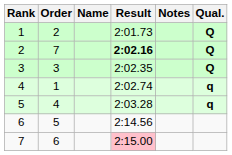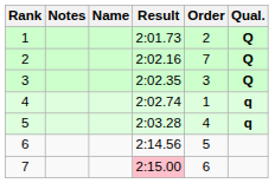 <table class="wikitable sortable" style="text-align:center">
 <tr>
 <th>Rank</th>
-<th>Order</th>
+<th>Notes</th>
 <th>Name</th>
 <th>Result</th>
-<th>Notes</th>
+<th>Order</th>
 <th>Qual.</th>
 </tr>
 <tr style="background:#cfc;">
 <td>1</td>
-<td>2</td>
+<td></td>
 <td align="left"></td>
 <td>2:01.73</td>
-<td></td>
+<td>2</td>
 <td><strong>Q</strong></td>
 </tr>
 <tr style="background:#cfc;">
 <td>2</td>
+<td></td>
+<td align="left"></td>
+<td>2:02.16</td>
 <td>7</td>
-<td align="left"></td>
-<td><strong>2:02.16</strong></td>
-<td></td>
 <td><strong>Q</strong></td>
 </tr>
 <tr style="background:#cfc;">
 <td>3</td>
-<td>3</td>
+<td></td>
 <td align="left"></td>
 <td>2:02.35</td>
-<td></td>
+<td>3</td>
 <td><strong>Q</strong></td>
 </tr>
 <tr style="background:#dfd;">
 <td>4</td>
-<td>1</td>
+<td></td>
 <td align="left"></td>
 <td>2:02.74</td>
-<td></td>
+<td>1</td>
 <td><strong>q</strong></td>
 </tr>
 <tr style="background:#dfd;">
 <td>5</td>
-<td>4</td>
+<td></td>
 <td align="left"></td>
 <td>2:03.28</td>
-<td></td>
+<td>4</td>
 <td><strong>q</strong></td>
 </tr>
 <tr>
 <td>6</td>
-<td>5</td>
+<td></td>
 <td align="left"></td>
 <td>2:14.56</td>
-<td></td>
+<td>5</td>
 <td></td>
 </tr>
 <tr>
 <td>7</td>
-<td>6</td>
+<td></td>
 <td align="left"></td>
 <td style="background: pink;">2:15.00</td>
-<td></td>
+<td>6</td>
 <td></td>
 </tr>
 </table>
